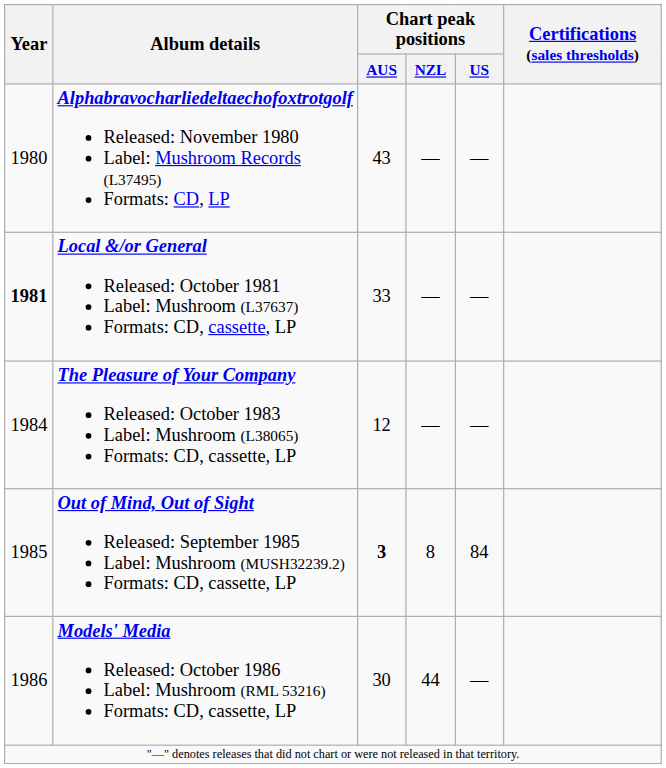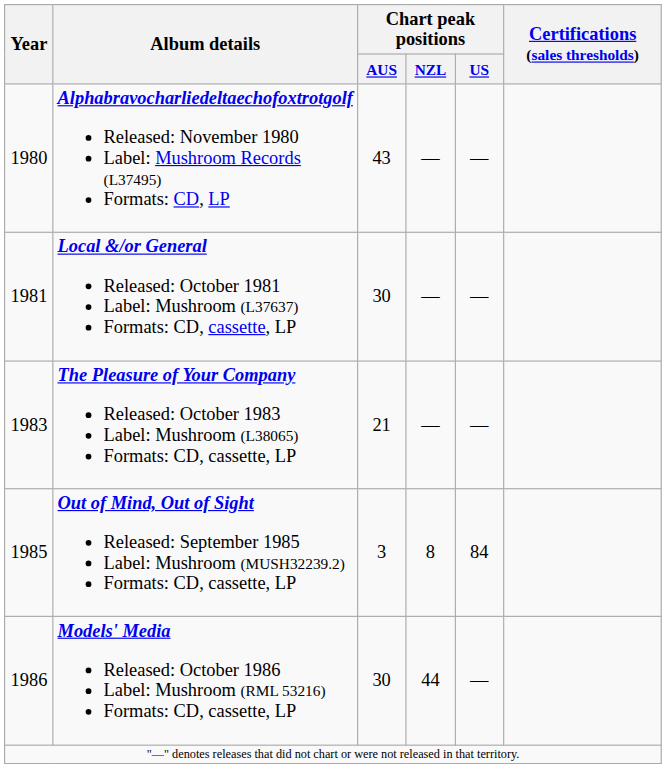 <table class="wikitable">
 <tr>
 <th rowspan="2" style="width:35px;">Year</th>
 <th style="width:250px;" rowspan="2">Album details</th>
 <th style="width:120px;" colspan="3">Chart peak positions</th>
 <th rowspan="2" style="width:130px;"><a href='#'>Certifications</a><br><small>(<a href='#'>sales thresholds</a>)</small></th>
 </tr>
 <tr>
 <th style="width:30px;"><small><a href='#'>AUS</a><br></small></th>
 <th style="width:30px;"><small><a href='#'>NZL</a><br></small></th>
 <th style="width:30px;"><small><a href='#'>US</a><br></small></th>
 </tr>
 <tr>
 <td style="text-align:center;">1980</td>
 <td><strong><em><a href='#'>Alphabravocharliedeltaechofoxtrotgolf</a></em></strong><br><ul><li>Released: November 1980</li><li>Label: <a href='#'>Mushroom Records</a> <small>(L37495)</small></li><li>Formats: <a href='#'>CD</a>, <a href='#'>LP</a></li></ul></td>
 <td style="text-align:center;">43</td>
 <td style="text-align:center;">—</td>
 <td style="text-align:center;">—</td>
 <td></td>
 </tr>
 <tr>
-<td style="text-align:center;"><strong>1981</strong></td>
+<td style="text-align:center;">1981</td>
 <td><strong><em><a href='#'>Local &/or General</a></em></strong><br><ul><li>Released: October 1981</li><li>Label: Mushroom <small>(L37637)</small></li><li>Formats: CD, <a href='#'>cassette</a>, LP</li></ul></td>
-<td style="text-align:center;">33</td>
+<td style="text-align:center;">30</td>
 <td style="text-align:center;">—</td>
 <td style="text-align:center;">—</td>
 <td></td>
 </tr>
 <tr>
-<td style="text-align:center;">1984</td>
+<td style="text-align:center;">1983</td>
 <td><strong><em><a href='#'>The Pleasure of Your Company</a></em></strong><br><ul><li>Released: October 1983</li><li>Label: Mushroom <small>(L38065)</small></li><li>Formats: CD, cassette, LP</li></ul></td>
-<td style="text-align:center;">12</td>
+<td style="text-align:center;">21</td>
 <td style="text-align:center;">—</td>
 <td style="text-align:center;">—</td>
 <td></td>
 </tr>
 <tr>
 <td style="text-align:center;">1985</td>
 <td><strong><em><a href='#'>Out of Mind, Out of Sight</a></em></strong><br><ul><li>Released: September 1985</li><li>Label: Mushroom <small>(MUSH32239.2)</small></li><li>Formats: CD, cassette, LP</li></ul></td>
-<td style="text-align:center;"><strong>3</strong></td>
+<td style="text-align:center;">3</td>
 <td style="text-align:center;">8</td>
 <td style="text-align:center;">84</td>
 <td></td>
 </tr>
 <tr>
 <td style="text-align:center;">1986</td>
 <td><strong><em><a href='#'>Models' Media</a></em></strong><br><ul><li>Released: October 1986</li><li>Label: Mushroom <small>(RML 53216)</small></li><li>Formats: CD, cassette, LP</li></ul></td>
 <td style="text-align:center;">30</td>
 <td style="text-align:center;">44</td>
 <td style="text-align:center;">—</td>
 <td></td>
 </tr>
 <tr>
 <td colspan="6" style="text-align:center; font-size:8pt;">"—" denotes releases that did not chart or were not released in that territory.</td>
 </tr>
 </table>
